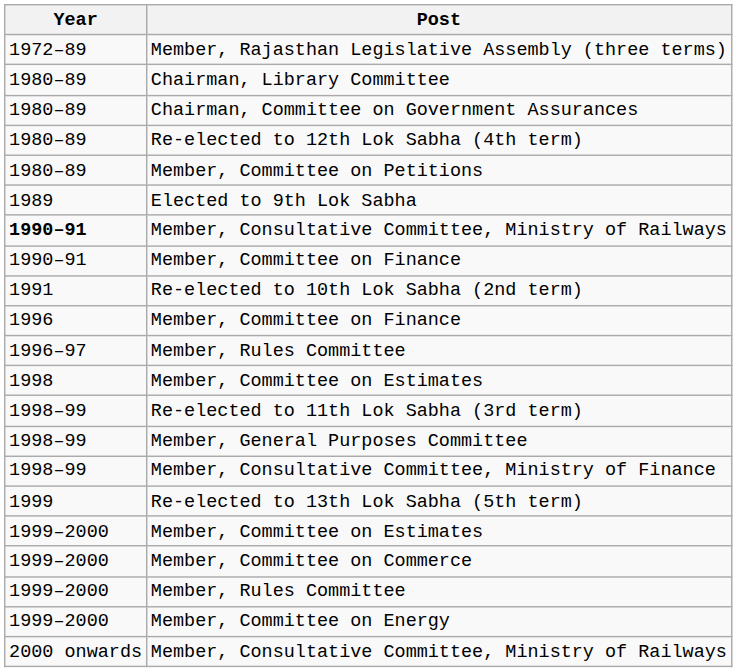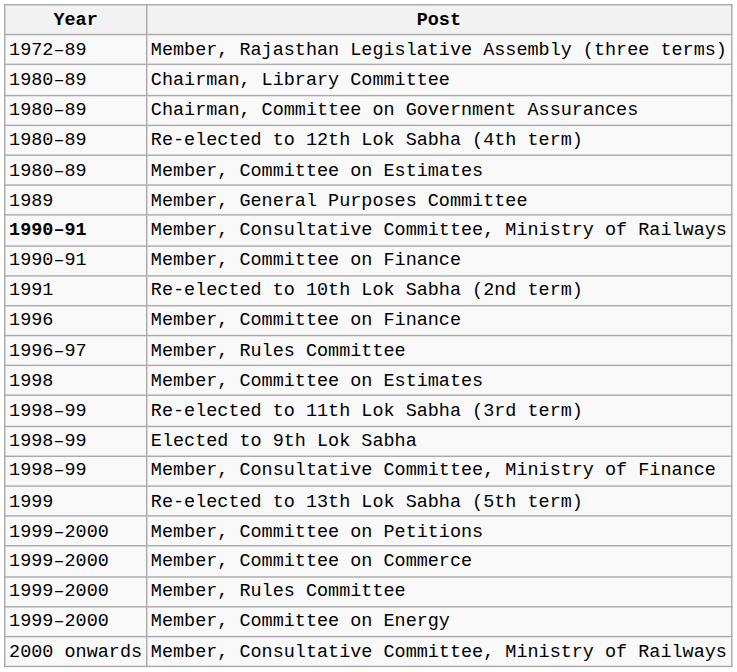 <table class="wikitable">
 <tr>
 <th>Year</th>
 <th>Post</th>
 </tr>
 <tr>
 <td>1972–89</td>
 <td>Member, Rajasthan Legislative Assembly (three terms)</td>
 </tr>
 <tr>
 <td>1980–89</td>
 <td>Chairman, Library Committee</td>
 </tr>
 <tr>
 <td>1980–89</td>
 <td>Chairman, Committee on Government Assurances</td>
 </tr>
 <tr>
 <td>1980–89</td>
 <td>Re-elected to 12th Lok Sabha (4th term)</td>
 </tr>
 <tr>
 <td>1980–89</td>
-<td>Member, Committee on Petitions</td>
+<td>Member, Committee on Estimates</td>
 </tr>
 <tr>
 <td>1989</td>
-<td>Elected to 9th Lok Sabha</td>
+<td>Member, General Purposes Committee</td>
 </tr>
 <tr>
 <td><strong>1990–91</strong></td>
 <td>Member, Consultative Committee, Ministry of Railways</td>
 </tr>
 <tr>
 <td>1990–91</td>
 <td>Member, Committee on Finance</td>
 </tr>
 <tr>
 <td>1991</td>
 <td>Re-elected to 10th Lok Sabha (2nd term)</td>
 </tr>
 <tr>
 <td>1996</td>
 <td>Member, Committee on Finance</td>
 </tr>
 <tr>
 <td>1996–97</td>
 <td>Member, Rules Committee</td>
 </tr>
 <tr>
 <td>1998</td>
 <td>Member, Committee on Estimates</td>
 </tr>
 <tr>
 <td>1998–99</td>
 <td>Re-elected to 11th Lok Sabha (3rd term)</td>
 </tr>
 <tr>
 <td>1998–99</td>
-<td>Member, General Purposes Committee</td>
+<td>Elected to 9th Lok Sabha</td>
 </tr>
 <tr>
 <td>1998–99</td>
 <td>Member, Consultative Committee, Ministry of Finance</td>
 </tr>
 <tr>
 <td>1999</td>
 <td>Re-elected to 13th Lok Sabha (5th term)</td>
 </tr>
 <tr>
 <td>1999–2000</td>
-<td>Member, Committee on Estimates</td>
+<td>Member, Committee on Petitions</td>
 </tr>
 <tr>
 <td>1999–2000</td>
 <td>Member, Committee on Commerce</td>
 </tr>
 <tr>
 <td>1999–2000</td>
 <td>Member, Rules Committee</td>
 </tr>
 <tr>
 <td>1999–2000</td>
 <td>Member, Committee on Energy</td>
 </tr>
 <tr>
 <td>2000 onwards</td>
 <td>Member, Consultative Committee, Ministry of Railways</td>
 </tr>
 </table>
